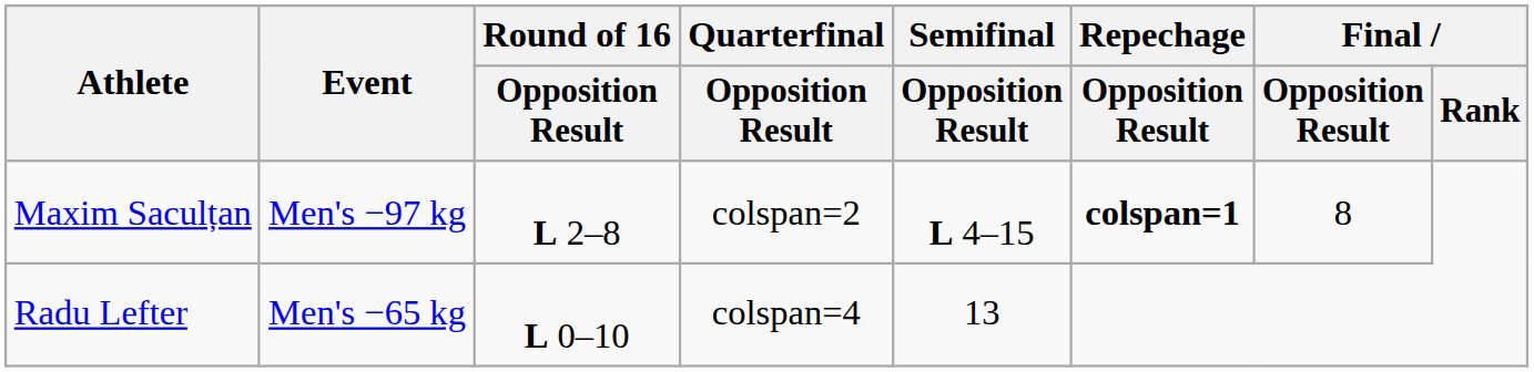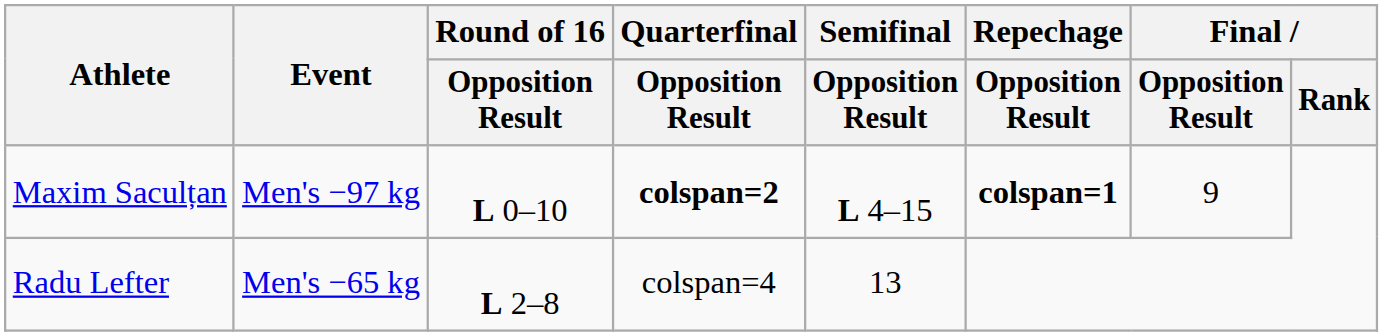 <table class="wikitable" style="font-size:90%">
 <tr>
 <th rowspan=2>Athlete</th>
 <th rowspan=2>Event</th>
 <th>Round of 16</th>
 <th>Quarterfinal</th>
 <th>Semifinal</th>
 <th>Repechage</th>
 <th colspan=2>Final / </th>
 </tr>
 <tr style="font-size: 95%">
 <th>Opposition<br>Result</th>
 <th>Opposition<br>Result</th>
 <th>Opposition<br>Result</th>
 <th>Opposition<br>Result</th>
 <th>Opposition<br>Result</th>
 <th>Rank</th>
 </tr>
 <tr align=center>
 <td align=left><a href='#'>Maxim Saculțan</a></td>
 <td align=left><a href='#'>Men's −97 kg</a></td>
-<td> <br> <strong>L</strong> 2–8</td>
-<td>colspan=2 </td>
+<td> <br> <strong>L</strong> 0–10</td>
+<td><strong>colspan=2 </strong></td>
 <td> <br> <strong>L</strong> 4–15</td>
 <td><strong>colspan=1 </strong></td>
-<td>8</td>
+<td>9</td>
 </tr>
 <tr align=center>
 <td align=left><a href='#'>Radu Lefter</a></td>
 <td align=left><a href='#'>Men's −65 kg</a></td>
-<td> <br> <strong>L</strong> 0–10</td>
+<td> <br> <strong>L</strong> 2–8</td>
 <td>colspan=4 </td>
 <td>13</td>
 </tr>
 </table>
